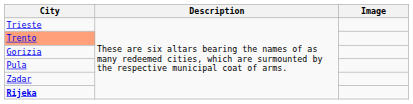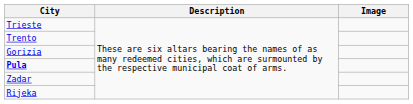 <table class="wikitable" style="text-align: center; width:50%; margin-left:auto; margin-right:auto;">
 <tr>
 <th width=170>City</th>
 <th width=500>Description</th>
 <th width=130>Image</th>
 </tr>
 <tr>
 <td align="left"><a href='#'>Trieste</a></td>
 <td rowspan=6 align="left">These are six altars bearing the names of as many redeemed cities, which are surmounted by the respective municipal coat of arms.</td>
 <td align="center"></td>
 </tr>
 <tr>
-<td align="left" style="background: lightsalmon;"><a href='#'>Trento</a></td>
+<td align="left"><a href='#'>Trento</a></td>
 <td align="center"></td>
 </tr>
 <tr>
 <td align="left"><a href='#'>Gorizia</a></td>
 <td align="center"></td>
 </tr>
 <tr>
-<td align="left"><a href='#'>Pula</a></td>
+<td align="left"><strong><a href='#'>Pula</a></strong></td>
 <td align="center"></td>
 </tr>
 <tr>
 <td align="left"><a href='#'>Zadar</a></td>
 <td align="center"></td>
 </tr>
 <tr>
-<td align="left"><strong><a href='#'>Rijeka</a></strong></td>
+<td align="left"><a href='#'>Rijeka</a></td>
 <td align="center"></td>
 </tr>
 </table>
